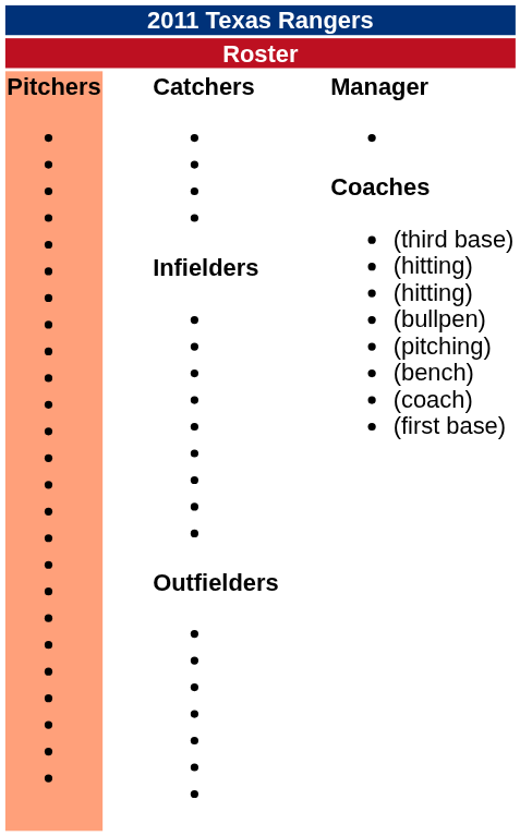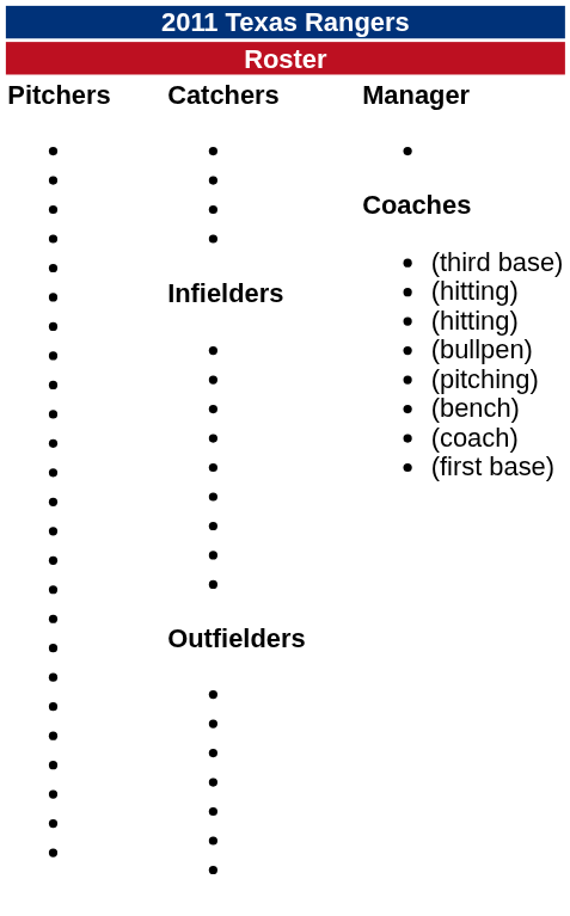 <table class="toccolours" style="font-size: 95%;">
 <tr>
 <th colspan="10" style="background:#003279; color:#fff; text-align:center;">2011 Texas Rangers</th>
 </tr>
 <tr>
 <td colspan="10" style="background:#bd1021; color:white; text-align:center;"><strong>Roster</strong></td>
 </tr>
 <tr>
-<td valign="top" style="background: lightsalmon;"><strong>Pitchers</strong><br><ul><li></li><li></li><li></li><li></li><li></li><li></li><li></li><li></li><li></li><li></li><li></li><li></li><li></li><li></li><li></li><li></li><li></li><li></li><li></li><li></li><li></li><li></li><li></li><li></li><li></li></ul></td>
+<td valign="top"><strong>Pitchers</strong><br><ul><li></li><li></li><li></li><li></li><li></li><li></li><li></li><li></li><li></li><li></li><li></li><li></li><li></li><li></li><li></li><li></li><li></li><li></li><li></li><li></li><li></li><li></li><li></li><li></li><li></li></ul></td>
 <td style="width:25px;"></td>
 <td valign="top"><strong>Catchers</strong><br><ul><li></li><li></li><li></li><li></li></ul><strong>Infielders</strong><ul><li></li><li></li><li></li><li></li><li></li><li></li><li></li><li></li><li></li></ul><strong>Outfielders</strong><ul><li></li><li></li><li></li><li></li><li></li><li></li><li></li></ul></td>
 <td style="width:25px;"></td>
 <td valign="top"><strong>Manager</strong><br><ul><li></li></ul><strong>Coaches</strong><ul><li> (third base)</li><li> (hitting)</li><li> (hitting)</li><li> (bullpen)</li><li>  (pitching)</li><li> (bench)</li><li> (coach)</li><li> (first base)</li></ul></td>
 </tr>
 </table>
